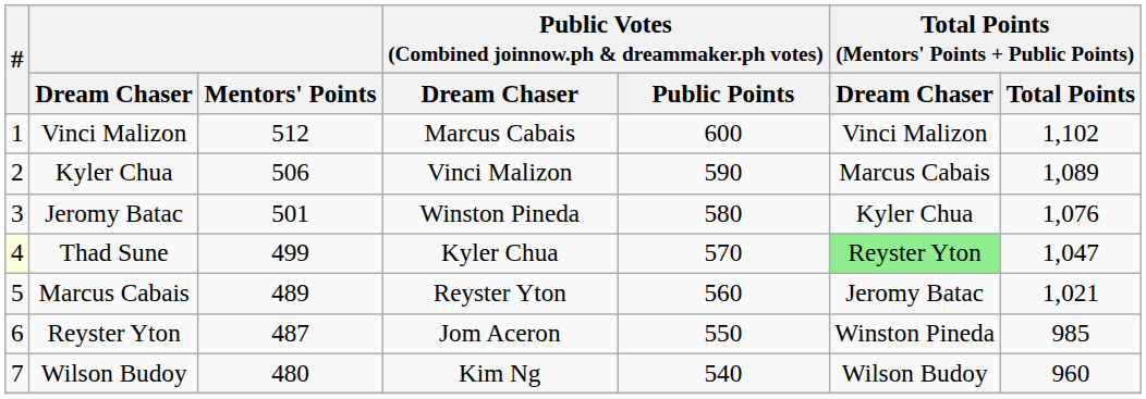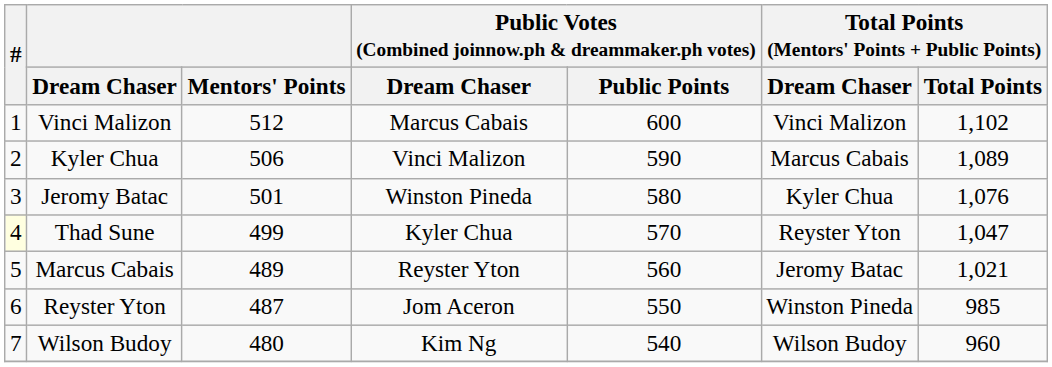 <table class="wikitable" style="text-align:center;">
 <tr>
 <th rowspan="2">#</th>
 <th colspan="2"></th>
 <th colspan="2">Public Votes<br><small>(Combined joinnow.ph & dreammaker.ph votes)</small></th>
 <th colspan="2">Total Points<br><small>(Mentors' Points + Public Points)</small></th>
 </tr>
 <tr>
 <th>Dream Chaser</th>
 <th>Mentors' Points</th>
 <th>Dream Chaser</th>
 <th>Public Points</th>
 <th>Dream Chaser</th>
 <th>Total Points</th>
 </tr>
 <tr>
 <td>1</td>
 <td>Vinci Malizon</td>
 <td>512</td>
 <td>Marcus Cabais</td>
 <td>600</td>
 <td>Vinci Malizon</td>
 <td>1,102</td>
 </tr>
 <tr>
 <td>2</td>
 <td>Kyler Chua</td>
 <td>506</td>
 <td>Vinci Malizon</td>
 <td>590</td>
 <td>Marcus Cabais</td>
 <td>1,089</td>
 </tr>
 <tr>
 <td>3</td>
 <td>Jeromy Batac</td>
 <td>501</td>
 <td>Winston Pineda</td>
 <td>580</td>
 <td>Kyler Chua</td>
 <td>1,076</td>
 </tr>
 <tr>
 <td style="background: lightyellow;">4</td>
 <td>Thad Sune</td>
 <td>499</td>
 <td>Kyler Chua</td>
 <td>570</td>
-<td style="background: lightgreen;">Reyster Yton</td>
+<td>Reyster Yton</td>
 <td>1,047</td>
 </tr>
 <tr>
 <td>5</td>
 <td>Marcus Cabais</td>
 <td>489</td>
 <td>Reyster Yton</td>
 <td>560</td>
 <td>Jeromy Batac</td>
 <td>1,021</td>
 </tr>
 <tr>
 <td>6</td>
 <td>Reyster Yton</td>
 <td>487</td>
 <td>Jom Aceron</td>
 <td>550</td>
 <td>Winston Pineda</td>
 <td>985</td>
 </tr>
 <tr>
 <td>7</td>
 <td>Wilson Budoy</td>
 <td>480</td>
 <td>Kim Ng</td>
 <td>540</td>
 <td>Wilson Budoy</td>
 <td>960</td>
 </tr>
 <tr>
 </tr>
 </table>
